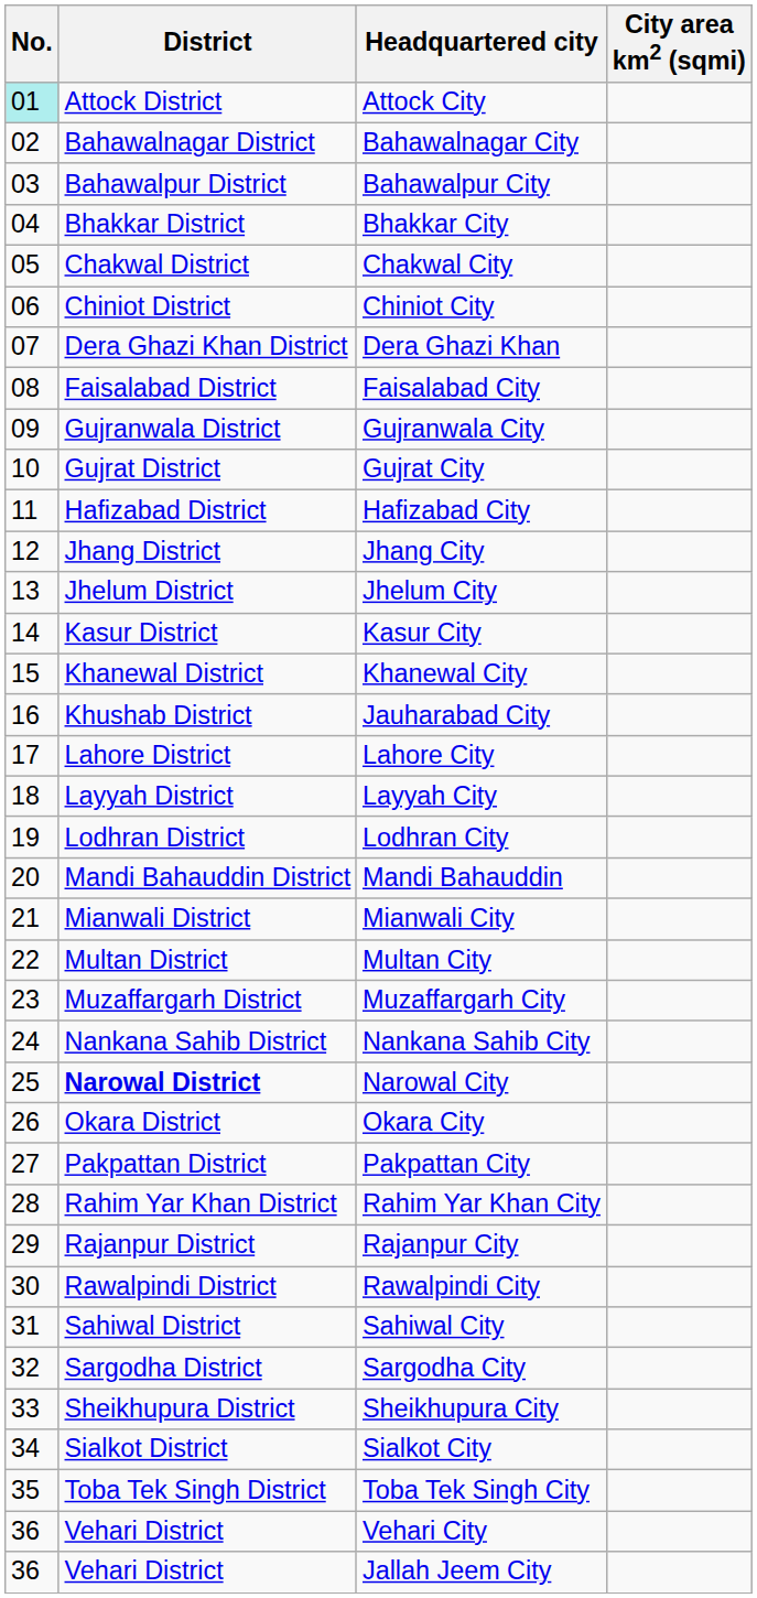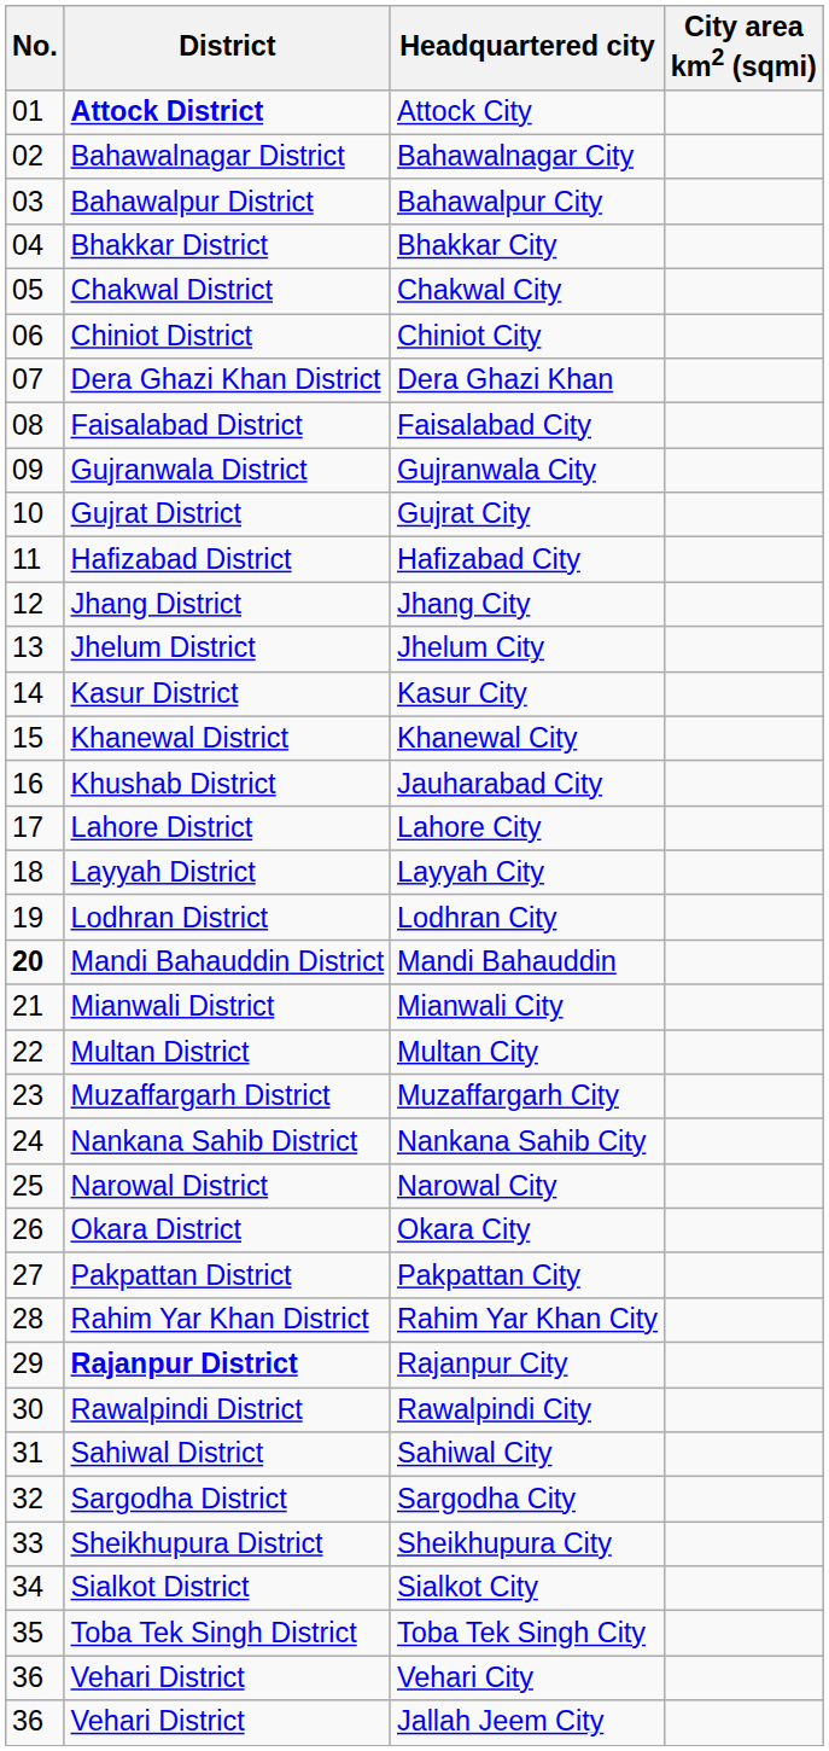 <table class="wikitable sortable">
 <tr>
 <th><strong>No.</strong></th>
 <th><strong>District</strong></th>
 <th><strong> Headquartered city</strong></th>
 <th><strong>City area</strong><br>km<sup>2</sup> (sqmi)</th>
 </tr>
 <tr>
-<td style="background: paleturquoise;">01</td>
-<td><a href='#'>Attock District</a></td>
+<td>01</td>
+<td><strong><a href='#'>Attock District</a></strong></td>
 <td><a href='#'>Attock City</a></td>
 <td></td>
 </tr>
 <tr>
 <td>02</td>
 <td><a href='#'>Bahawalnagar District</a></td>
 <td><a href='#'>Bahawalnagar City</a></td>
 <td></td>
 </tr>
 <tr>
 <td>03</td>
 <td><a href='#'>Bahawalpur District</a></td>
 <td><a href='#'>Bahawalpur City</a></td>
 <td></td>
 </tr>
 <tr>
 <td>04</td>
 <td><a href='#'>Bhakkar District</a></td>
 <td><a href='#'>Bhakkar City</a></td>
 <td></td>
 </tr>
 <tr>
 <td>05</td>
 <td><a href='#'>Chakwal District</a></td>
 <td><a href='#'>Chakwal City</a></td>
 <td></td>
 </tr>
 <tr>
 <td>06</td>
 <td><a href='#'>Chiniot District</a></td>
 <td><a href='#'>Chiniot City</a></td>
 <td></td>
 </tr>
 <tr>
 <td>07</td>
 <td><a href='#'>Dera Ghazi Khan District</a></td>
 <td><a href='#'>Dera Ghazi Khan</a></td>
 <td></td>
 </tr>
 <tr>
 <td>08</td>
 <td><a href='#'>Faisalabad District</a></td>
 <td><a href='#'>Faisalabad City</a></td>
 <td></td>
 </tr>
 <tr>
 <td>09</td>
 <td><a href='#'>Gujranwala District</a></td>
 <td><a href='#'>Gujranwala City</a></td>
 <td></td>
 </tr>
 <tr>
 <td>10</td>
 <td><a href='#'>Gujrat District</a></td>
 <td><a href='#'>Gujrat City</a></td>
 <td></td>
 </tr>
 <tr>
 <td>11</td>
 <td><a href='#'>Hafizabad District</a></td>
 <td><a href='#'>Hafizabad City</a></td>
 <td></td>
 </tr>
 <tr>
 <td>12</td>
 <td><a href='#'>Jhang District</a></td>
 <td><a href='#'>Jhang City</a></td>
 <td></td>
 </tr>
 <tr>
 <td>13</td>
 <td><a href='#'>Jhelum District</a></td>
 <td><a href='#'>Jhelum City</a></td>
 <td></td>
 </tr>
 <tr>
 <td>14</td>
 <td><a href='#'>Kasur District</a></td>
 <td><a href='#'>Kasur City</a></td>
 <td></td>
 </tr>
 <tr>
 <td>15</td>
 <td><a href='#'>Khanewal District</a></td>
 <td><a href='#'>Khanewal City</a></td>
 <td></td>
 </tr>
 <tr>
 <td>16</td>
 <td><a href='#'>Khushab District</a></td>
 <td><a href='#'>Jauharabad City</a></td>
 <td></td>
 </tr>
 <tr>
 <td>17</td>
 <td><a href='#'>Lahore District</a></td>
 <td><a href='#'>Lahore City</a></td>
 <td></td>
 </tr>
 <tr>
 <td>18</td>
 <td><a href='#'>Layyah District</a></td>
 <td><a href='#'>Layyah City</a></td>
 <td></td>
 </tr>
 <tr>
 <td>19</td>
 <td><a href='#'>Lodhran District</a></td>
 <td><a href='#'>Lodhran City</a></td>
 <td></td>
 </tr>
 <tr>
-<td>20</td>
+<td><strong>20</strong></td>
 <td><a href='#'>Mandi Bahauddin District</a></td>
 <td><a href='#'>Mandi Bahauddin</a></td>
 <td></td>
 </tr>
 <tr>
 <td>21</td>
 <td><a href='#'>Mianwali District</a></td>
 <td><a href='#'>Mianwali City</a></td>
 <td></td>
 </tr>
 <tr>
 <td>22</td>
 <td><a href='#'>Multan District</a></td>
 <td><a href='#'>Multan City</a></td>
 <td></td>
 </tr>
 <tr>
 <td>23</td>
 <td><a href='#'>Muzaffargarh District</a></td>
 <td><a href='#'>Muzaffargarh City</a></td>
 <td></td>
 </tr>
 <tr>
 <td>24</td>
 <td><a href='#'>Nankana Sahib District</a></td>
 <td><a href='#'>Nankana Sahib City</a></td>
 <td></td>
 </tr>
 <tr>
 <td>25</td>
-<td><strong><a href='#'>Narowal District</a></strong></td>
+<td><a href='#'>Narowal District</a></td>
 <td><a href='#'>Narowal City</a></td>
 <td></td>
 </tr>
 <tr>
 <td>26</td>
 <td><a href='#'>Okara District</a></td>
 <td><a href='#'>Okara City</a></td>
 <td></td>
 </tr>
 <tr>
 <td>27</td>
 <td><a href='#'>Pakpattan District</a></td>
 <td><a href='#'>Pakpattan City</a></td>
 <td></td>
 </tr>
 <tr>
 <td>28</td>
 <td><a href='#'>Rahim Yar Khan District</a></td>
 <td><a href='#'>Rahim Yar Khan City</a></td>
 <td></td>
 </tr>
 <tr>
 <td>29</td>
-<td><a href='#'>Rajanpur District</a></td>
+<td><strong><a href='#'>Rajanpur District</a></strong></td>
 <td><a href='#'>Rajanpur City</a></td>
 <td></td>
 </tr>
 <tr>
 <td>30</td>
 <td><a href='#'>Rawalpindi District</a></td>
 <td><a href='#'>Rawalpindi City</a></td>
 <td></td>
 </tr>
 <tr>
 <td>31</td>
 <td><a href='#'>Sahiwal District</a></td>
 <td><a href='#'>Sahiwal City</a></td>
 <td></td>
 </tr>
 <tr>
 <td>32</td>
 <td><a href='#'>Sargodha District</a></td>
 <td><a href='#'>Sargodha City</a></td>
 <td></td>
 </tr>
 <tr>
 <td>33</td>
 <td><a href='#'>Sheikhupura District</a></td>
 <td><a href='#'>Sheikhupura City</a></td>
 <td></td>
 </tr>
 <tr>
 <td>34</td>
 <td><a href='#'>Sialkot District</a></td>
 <td><a href='#'>Sialkot City</a></td>
 <td></td>
 </tr>
 <tr>
 <td>35</td>
 <td><a href='#'>Toba Tek Singh District</a></td>
 <td><a href='#'>Toba Tek Singh City</a></td>
 <td></td>
 </tr>
 <tr>
 <td>36</td>
 <td><a href='#'>Vehari District</a></td>
 <td><a href='#'>Vehari City</a></td>
 <td></td>
 </tr>
 <tr>
 <td>36</td>
 <td><a href='#'>Vehari District</a></td>
 <td><a href='#'>Jallah Jeem City</a></td>
 <td></td>
 </tr>
 <tr>
 </tr>
 </table>
